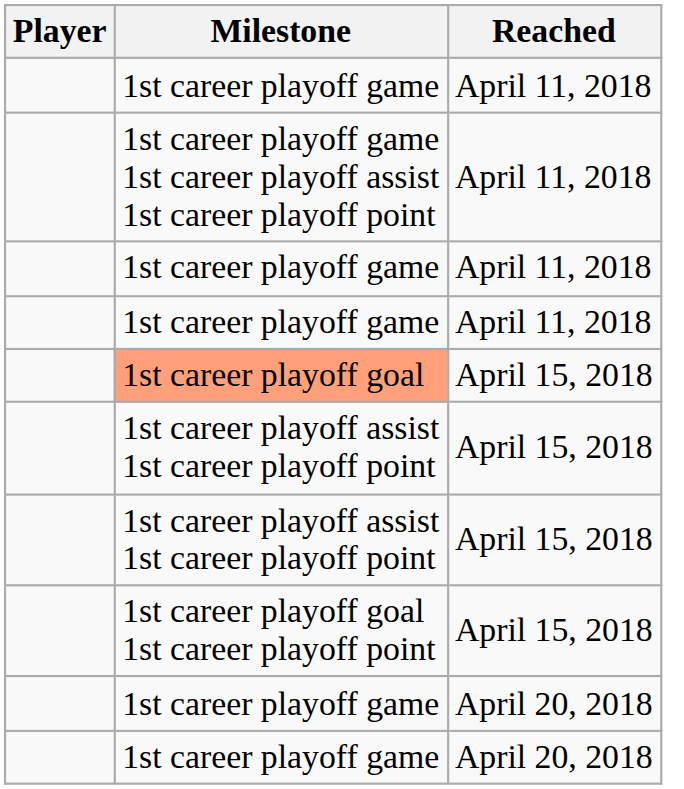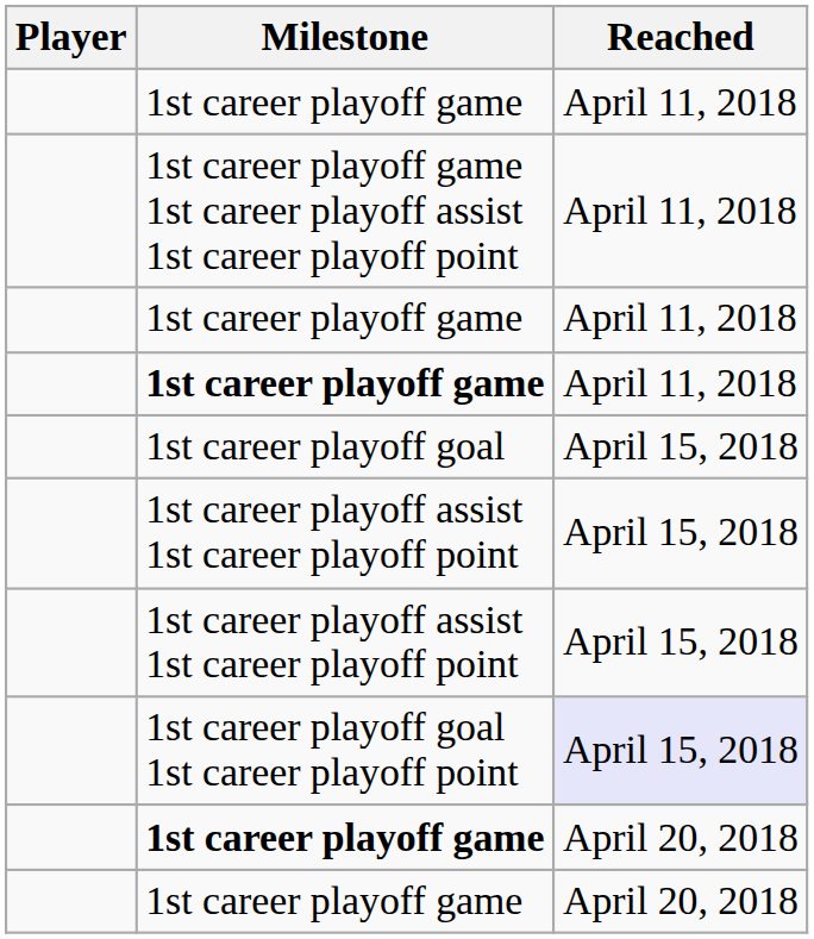 <table class="wikitable sortable">
 <tr align=center>
 <th>Player</th>
 <th>Milestone</th>
 <th data-sort-type="date">Reached</th>
 </tr>
 <tr>
 <td></td>
 <td>1st career playoff game</td>
 <td>April 11, 2018</td>
 </tr>
 <tr>
 <td></td>
 <td>1st career playoff game<br>1st career playoff assist<br>1st career playoff point</td>
 <td>April 11, 2018</td>
 </tr>
 <tr>
 <td></td>
 <td>1st career playoff game</td>
 <td>April 11, 2018</td>
 </tr>
 <tr>
 <td></td>
-<td>1st career playoff game</td>
+<td><strong>1st career playoff game</strong></td>
 <td>April 11, 2018</td>
 </tr>
 <tr>
 <td></td>
-<td style="background: lightsalmon;">1st career playoff goal</td>
+<td>1st career playoff goal</td>
 <td>April 15, 2018</td>
 </tr>
 <tr>
 <td></td>
 <td>1st career playoff assist<br>1st career playoff point</td>
 <td>April 15, 2018</td>
 </tr>
 <tr>
 <td></td>
 <td>1st career playoff assist<br>1st career playoff point</td>
 <td>April 15, 2018</td>
 </tr>
 <tr>
 <td></td>
 <td>1st career playoff goal<br>1st career playoff point</td>
-<td>April 15, 2018</td>
+<td style="background: lavender;">April 15, 2018</td>
 </tr>
 <tr>
 <td></td>
-<td>1st career playoff game</td>
+<td><strong>1st career playoff game</strong></td>
 <td>April 20, 2018</td>
 </tr>
 <tr>
 <td></td>
 <td>1st career playoff game</td>
 <td>April 20, 2018</td>
 </tr>
 </table>
